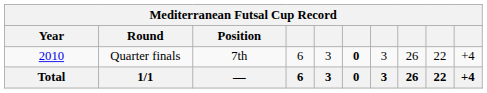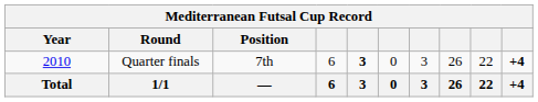 <table class="wikitable" style="text-align: center; font-size: 90%;">
 <tr>
 <th colspan=10>Mediterranean Futsal Cup Record</th>
 </tr>
 <tr>
 <th width=100>Year</th>
 <th width=100>Round</th>
 <th width=100>Position</th>
 <th width=25></th>
 <th width=25></th>
 <th width=25></th>
 <th width=25></th>
 <th width=25></th>
 <th width=25></th>
 <th width=25></th>
 </tr>
 <tr>
 <td> <a href='#'>2010</a></td>
 <td>Quarter finals</td>
 <td>7th</td>
 <td>6</td>
-<td>3</td>
-<td><strong>0</strong></td>
+<td><strong>3</strong></td>
+<td>0</td>
 <td>3</td>
 <td>26</td>
 <td>22</td>
-<td>+4</td>
+<td><strong>+4</strong></td>
 </tr>
 <tr>
 <th><strong>Total</strong></th>
 <th>1/1</th>
 <th>—</th>
 <th>6</th>
 <th>3</th>
 <th>0</th>
 <th>3</th>
 <th>26</th>
 <th>22</th>
 <th>+4</th>
 </tr>
 </table>
